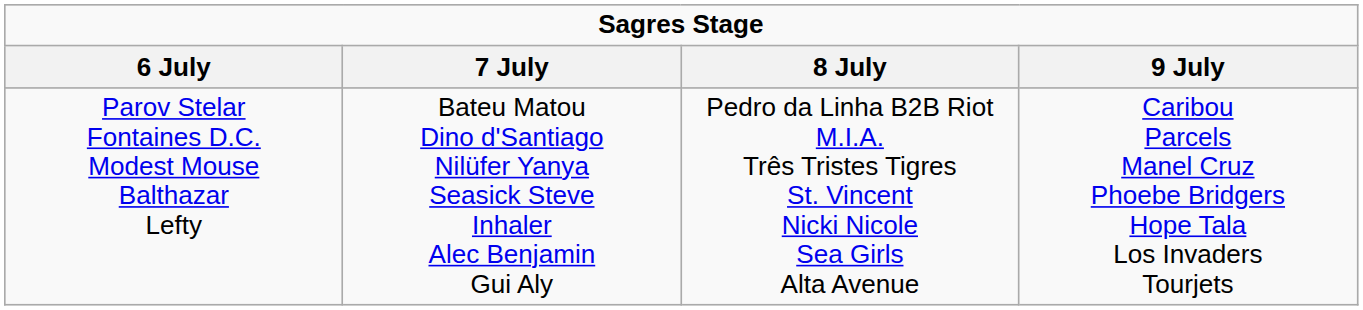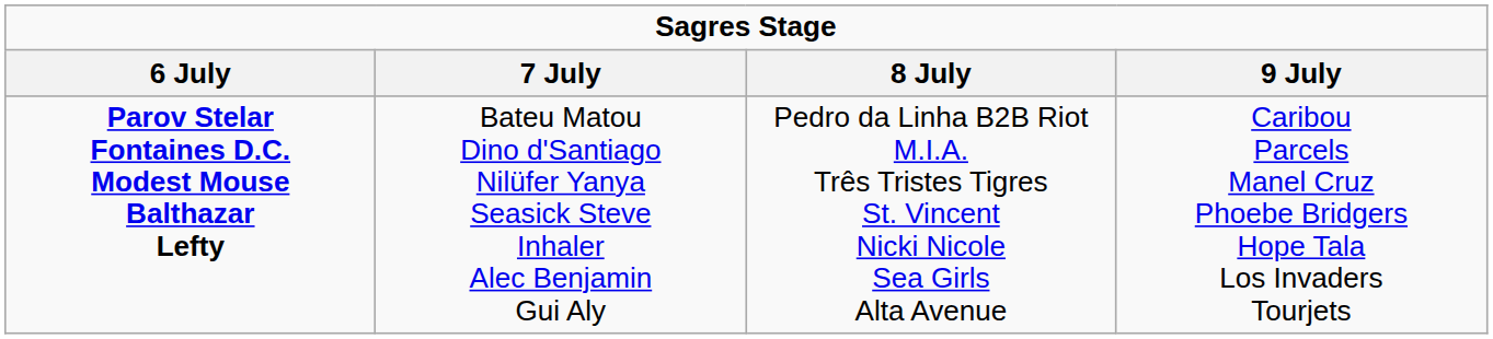 <table class="wikitable">
 <tr>
 <td colspan="4" align="center"><strong>Sagres Stage</strong></td>
 </tr>
 <tr>
 <th>6 July</th>
 <th>7 July</th>
 <th>8 July</th>
 <th>9 July</th>
 </tr>
 <tr>
-<td align="center" valign="top" width="200"><a href='#'>Parov Stelar</a><br><a href='#'>Fontaines D.C.</a><br><a href='#'>Modest Mouse</a><br><a href='#'>Balthazar</a><br>Lefty</td>
+<td align="center" valign="top" width="200"><strong><a href='#'>Parov Stelar</a><br><a href='#'>Fontaines D.C.</a><br><a href='#'>Modest Mouse</a><br><a href='#'>Balthazar</a><br>Lefty</strong></td>
 <td align="center" valign="top" width="200">Bateu Matou<br><a href='#'>Dino d'Santiago</a><br><a href='#'>Nilüfer Yanya</a><br><a href='#'>Seasick Steve</a><br><a href='#'>Inhaler</a><br><a href='#'>Alec Benjamin</a><br>Gui Aly</td>
 <td align="center" valign="top" width="200">Pedro da Linha B2B Riot<br><a href='#'>M.I.A.</a><br>Três Tristes Tigres<br><a href='#'>St. Vincent</a><br><a href='#'>Nicki Nicole</a><br><a href='#'>Sea Girls</a><br>Alta Avenue</td>
 <td align="center" valign="top" width="200"><a href='#'>Caribou</a><br><a href='#'>Parcels</a><br><a href='#'>Manel Cruz</a><br><a href='#'>Phoebe Bridgers</a><br><a href='#'>Hope Tala</a><br>Los Invaders<br>Tourjets</td>
 </tr>
 </table>
